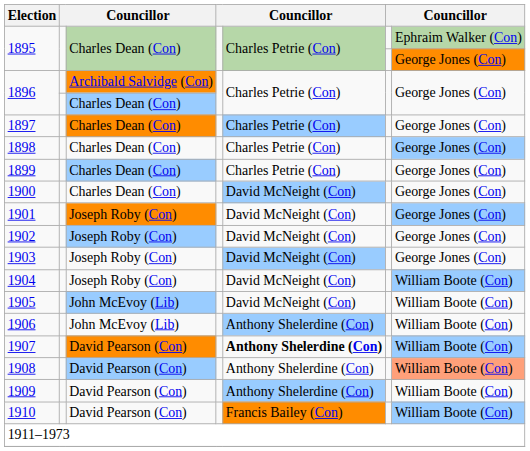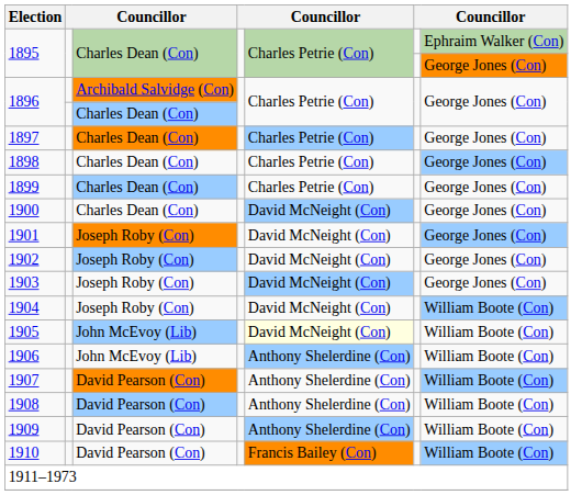 <table class="wikitable">
 <tr>
 <th>Election</th>
 <th colspan="2">Councillor</th>
 <th colspan="2">Councillor</th>
 <th colspan="2">Councillor</th>
 </tr>
 <tr>
 <td rowspan="2"><a href='#'>1895</a></td>
 <td rowspan="2" style="background-color: "></td>
 <td rowspan="2" bgcolor="#B6D7A8">Charles Dean (<a href='#'>Con</a>)</td>
 <td rowspan="2" style="background-color: "></td>
 <td rowspan="2" bgcolor="#B6D7A8">Charles Petrie (<a href='#'>Con</a>)</td>
 <td style="background-color: "></td>
 <td bgcolor="#B6D7A8">Ephraim Walker (<a href='#'>Con</a>)</td>
 </tr>
 <tr>
 <td style="background-color: "></td>
 <td bgcolor="#FF8C00">George Jones (<a href='#'>Con</a>)</td>
 </tr>
 <tr>
 <td rowspan="2"><a href='#'>1896</a></td>
 <td style="background-color: "></td>
 <td bgcolor="#FF8C00"><a href='#'>Archibald Salvidge</a> (<a href='#'>Con</a>)</td>
 <td rowspan="2" style="background-color: "></td>
 <td rowspan="2">Charles Petrie (<a href='#'>Con</a>)</td>
 <td rowspan="2" style="background-color: "></td>
 <td rowspan="2">George Jones (<a href='#'>Con</a>)</td>
 </tr>
 <tr>
 <td style="background-color: "></td>
 <td bgcolor="#99CCFF">Charles Dean (<a href='#'>Con</a>)</td>
 </tr>
 <tr>
 <td><a href='#'>1897</a></td>
 <td style="background-color: "></td>
 <td bgcolor="#FF8C00">Charles Dean (<a href='#'>Con</a>)</td>
 <td style="background-color: "></td>
 <td bgcolor="#99CCFF">Charles Petrie (<a href='#'>Con</a>)</td>
 <td style="background-color: "></td>
 <td>George Jones (<a href='#'>Con</a>)</td>
 </tr>
 <tr>
 <td><a href='#'>1898</a></td>
 <td style="background-color: "></td>
 <td>Charles Dean (<a href='#'>Con</a>)</td>
 <td style="background-color: "></td>
 <td>Charles Petrie (<a href='#'>Con</a>)</td>
 <td style="background-color: "></td>
 <td bgcolor="#99CCFF">George Jones (<a href='#'>Con</a>)</td>
 </tr>
 <tr>
 <td><a href='#'>1899</a></td>
 <td style="background-color: "></td>
 <td bgcolor="#99CCFF">Charles Dean (<a href='#'>Con</a>)</td>
 <td style="background-color: "></td>
 <td>Charles Petrie (<a href='#'>Con</a>)</td>
 <td style="background-color: "></td>
 <td>George Jones (<a href='#'>Con</a>)</td>
 </tr>
 <tr>
 <td><a href='#'>1900</a></td>
 <td style="background-color: "></td>
 <td>Charles Dean (<a href='#'>Con</a>)</td>
 <td style="background-color: "></td>
 <td bgcolor="#99CCFF">David McNeight (<a href='#'>Con</a>)</td>
 <td style="background-color: "></td>
 <td>George Jones (<a href='#'>Con</a>)</td>
 </tr>
 <tr>
 <td><a href='#'>1901</a></td>
 <td style="background-color: "></td>
 <td bgcolor="#FF8C00">Joseph Roby (<a href='#'>Con</a>)</td>
 <td style="background-color: "></td>
 <td>David McNeight (<a href='#'>Con</a>)</td>
 <td style="background-color: "></td>
 <td bgcolor="#99CCFF">George Jones (<a href='#'>Con</a>)</td>
 </tr>
 <tr>
 <td><a href='#'>1902</a></td>
 <td style="background-color: "></td>
 <td bgcolor="#99CCFF">Joseph Roby (<a href='#'>Con</a>)</td>
 <td style="background-color: "></td>
 <td>David McNeight (<a href='#'>Con</a>)</td>
 <td style="background-color: "></td>
 <td>George Jones (<a href='#'>Con</a>)</td>
 </tr>
 <tr>
 <td><a href='#'>1903</a></td>
 <td style="background-color: "></td>
 <td>Joseph Roby (<a href='#'>Con</a>)</td>
 <td style="background-color: "></td>
 <td bgcolor="#99CCFF">David McNeight (<a href='#'>Con</a>)</td>
 <td style="background-color: "></td>
 <td>George Jones (<a href='#'>Con</a>)</td>
 </tr>
 <tr>
 <td><a href='#'>1904</a></td>
 <td style="background-color: "></td>
 <td>Joseph Roby (<a href='#'>Con</a>)</td>
 <td style="background-color: "></td>
 <td>David McNeight (<a href='#'>Con</a>)</td>
 <td style="background-color: "></td>
 <td bgcolor="#99CCFF">William Boote (<a href='#'>Con</a>)</td>
 </tr>
 <tr>
 <td><a href='#'>1905</a></td>
 <td style="background-color: "></td>
 <td bgcolor="#99CCFF">John McEvoy (<a href='#'>Lib</a>)</td>
 <td style="background-color: "></td>
-<td>David McNeight (<a href='#'>Con</a>)</td>
+<td style="background: lightyellow;">David McNeight (<a href='#'>Con</a>)</td>
 <td style="background-color: "></td>
 <td>William Boote (<a href='#'>Con</a>)</td>
 </tr>
 <tr>
 <td><a href='#'>1906</a></td>
 <td style="background-color: "></td>
 <td>John McEvoy (<a href='#'>Lib</a>)</td>
 <td style="background-color: "></td>
 <td bgcolor="#99CCFF">Anthony Shelerdine (<a href='#'>Con</a>)</td>
 <td style="background-color: "></td>
 <td>William Boote (<a href='#'>Con</a>)</td>
 </tr>
 <tr>
 <td><a href='#'>1907</a></td>
 <td style="background-color: "></td>
 <td bgcolor="#FF8C00">David Pearson (<a href='#'>Con</a>)</td>
 <td style="background-color: "></td>
-<td><strong>Anthony Shelerdine (<a href='#'>Con</a>)</strong></td>
+<td>Anthony Shelerdine (<a href='#'>Con</a>)</td>
 <td style="background-color: "></td>
 <td bgcolor="#99CCFF">William Boote (<a href='#'>Con</a>)</td>
 </tr>
 <tr>
 <td><a href='#'>1908</a></td>
 <td style="background-color: "></td>
 <td bgcolor="#99CCFF">David Pearson (<a href='#'>Con</a>)</td>
 <td style="background-color: "></td>
 <td>Anthony Shelerdine (<a href='#'>Con</a>)</td>
 <td style="background-color: "></td>
-<td style="background: lightsalmon;">William Boote (<a href='#'>Con</a>)</td>
+<td>William Boote (<a href='#'>Con</a>)</td>
 </tr>
 <tr>
 <td><a href='#'>1909</a></td>
 <td style="background-color: "></td>
 <td>David Pearson (<a href='#'>Con</a>)</td>
 <td style="background-color: "></td>
 <td bgcolor="#99CCFF">Anthony Shelerdine (<a href='#'>Con</a>)</td>
 <td style="background-color: "></td>
 <td>William Boote (<a href='#'>Con</a>)</td>
 </tr>
 <tr>
 <td><a href='#'>1910</a></td>
 <td style="background-color: "></td>
 <td>David Pearson (<a href='#'>Con</a>)</td>
 <td style="background-color: "></td>
 <td bgcolor="#FF8C00">Francis Bailey (<a href='#'>Con</a>)</td>
 <td style="background-color: "></td>
 <td bgcolor="#99CCFF">William Boote (<a href='#'>Con</a>)</td>
 </tr>
 <tr>
 <td colspan="7" bgcolor="#FFF"><div>1911–1973</div></td>
 </tr>
 <tr>
 </tr>
 </table>
